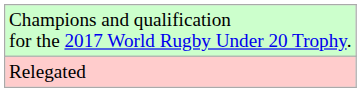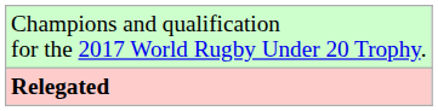 <table class="wikitable">
 <tr style="width:10px; background:#cfc;">
 <td>Champions and qualification<br>for the <a href='#'>2017 World Rugby Under 20 Trophy</a>.</td>
 </tr>
 <tr style="width:10px; background:#fcc;">
-<td>Relegated</td>
+<td><strong>Relegated</strong></td>
 </tr>
 </table>
